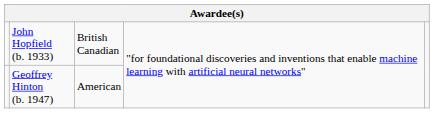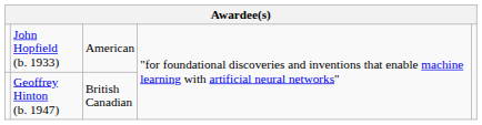 <table class="wikitable">
 <tr>
 <th colspan="5">Awardee(s)</th>
 </tr>
 <tr>
 <td></td>
 <td><a href='#'>John Hopfield</a><br>(b. 1933)</td>
-<td> British<br> Canadian</td>
+<td> American</td>
 <td rowspan="2">"for foundational discoveries and inventions that enable <a href='#'>machine learning</a> with <a href='#'>artificial neural networks</a>"</td>
 <td rowspan="2"></td>
 </tr>
 <tr>
 <td></td>
 <td><a href='#'>Geoffrey Hinton</a><br>(b. 1947)</td>
-<td> American</td>
+<td> British<br> Canadian</td>
 </tr>
 </table>
